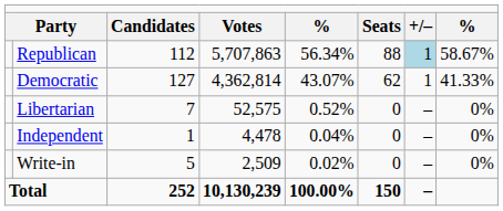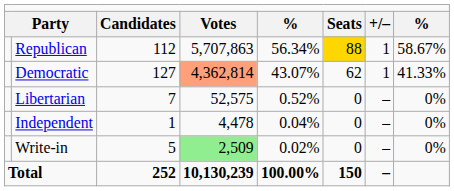 <table class="wikitable" style="font-size:100%; text-align:right;">
 <tr>
 <td colspan="15" align="center"></td>
 </tr>
 <tr>
 <th colspan="2">Party</th>
 <th>Candidates</th>
 <th>Votes</th>
 <th>%</th>
 <th>Seats</th>
 <th>+/–</th>
 <th>%</th>
 </tr>
 <tr>
 <td style="background:"></td>
 <td align="left"><a href='#'>Republican</a></td>
 <td>112</td>
 <td>5,707,863</td>
 <td>56.34%</td>
-<td>88</td>
-<td style="background: lightblue;">1</td>
+<td style="background: gold;">88</td>
+<td>1</td>
 <td>58.67%</td>
 </tr>
 <tr>
 <td style="background:"></td>
 <td align="left"><a href='#'>Democratic</a></td>
 <td>127</td>
-<td>4,362,814</td>
+<td style="background: lightsalmon;">4,362,814</td>
 <td>43.07%</td>
 <td>62</td>
 <td>1</td>
 <td>41.33%</td>
 </tr>
 <tr>
 <td style="background:"></td>
 <td align="left"><a href='#'>Libertarian</a></td>
 <td>7</td>
 <td>52,575</td>
 <td>0.52%</td>
 <td>0</td>
 <td>–</td>
 <td>0%</td>
 </tr>
 <tr>
 <td style="background:"></td>
 <td align="left"><a href='#'>Independent</a></td>
 <td>1</td>
 <td>4,478</td>
 <td>0.04%</td>
 <td>0</td>
 <td>–</td>
 <td>0%</td>
 </tr>
 <tr>
 <td style="background:"></td>
 <td align="left">Write-in</td>
 <td>5</td>
-<td>2,509</td>
+<td style="background: lightgreen;">2,509</td>
 <td>0.02%</td>
 <td>0</td>
 <td>–</td>
 <td>0%</td>
 </tr>
 <tr style="font-weight:bold">
 <td colspan="2" align="left">Total</td>
 <td>252</td>
 <td>10,130,239</td>
 <td>100.00%</td>
 <td>150</td>
 <td>–</td>
 </tr>
 </table>
